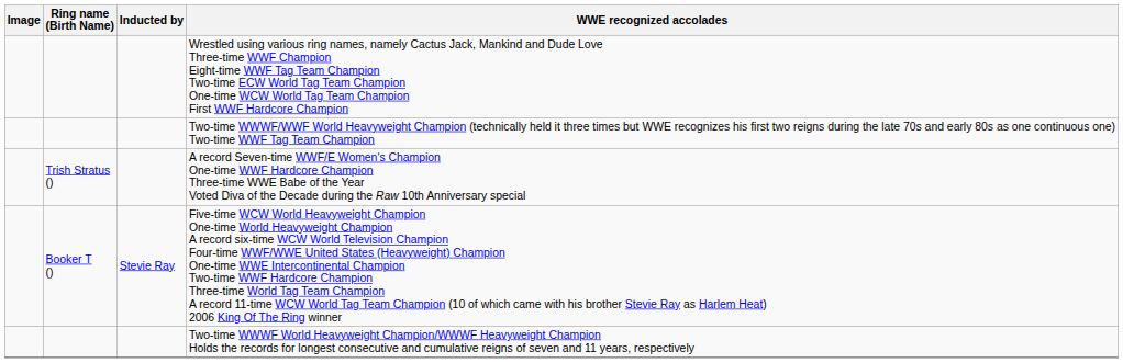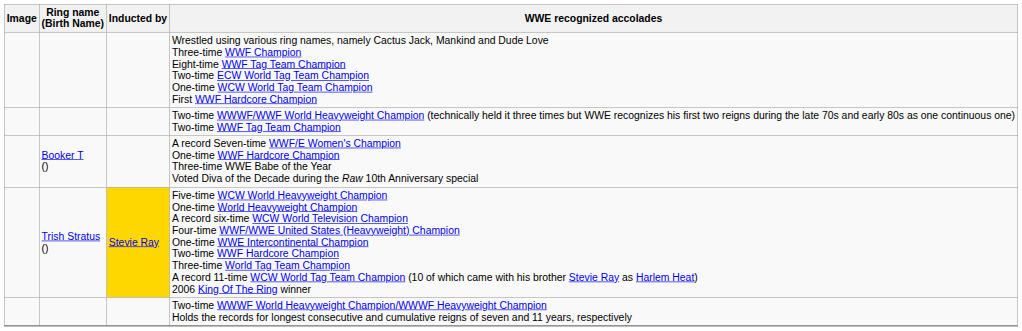 <table class="wikitable">
 <tr>
 <th class="unsortable">Image</th>
 <th>Ring name<br>(Birth Name)</th>
 <th>Inducted by</th>
 <th class="unsortable">WWE recognized accolades</th>
 </tr>
 <tr>
 <td></td>
 <td></td>
 <td></td>
 <td>Wrestled using various ring names, namely Cactus Jack, Mankind and Dude Love<br>Three-time <a href='#'>WWF Champion</a><br>Eight-time <a href='#'>WWF Tag Team Champion</a><br>Two-time <a href='#'>ECW World Tag Team Champion</a><br>One-time <a href='#'>WCW World Tag Team Champion</a><br>First <a href='#'>WWF Hardcore Champion</a></td>
 </tr>
 <tr>
 <td></td>
 <td></td>
 <td></td>
 <td>Two-time <a href='#'>WWWF/WWF World Heavyweight Champion</a> (technically held it three times but WWE recognizes his first two reigns during the late 70s and early 80s as one continuous one)<br>Two-time <a href='#'>WWF Tag Team Champion</a></td>
 </tr>
 <tr>
 <td></td>
-<td><a href='#'>Trish Stratus</a><br>()</td>
+<td><a href='#'>Booker T</a><br>()</td>
 <td></td>
 <td>A record Seven-time <a href='#'>WWF/E Women's Champion</a><br>One-time <a href='#'>WWF Hardcore Champion</a><br>Three-time WWE Babe of the Year<br>Voted Diva of the Decade during the <em>Raw</em> 10th Anniversary special</td>
 </tr>
 <tr>
 <td></td>
-<td><a href='#'>Booker T</a><br>()</td>
-<td><a href='#'>Stevie Ray</a></td>
+<td><a href='#'>Trish Stratus</a><br>()</td>
+<td style="background: gold;"><a href='#'>Stevie Ray</a></td>
 <td>Five-time <a href='#'>WCW World Heavyweight Champion</a><br>One-time <a href='#'>World Heavyweight Champion</a><br>A record six-time <a href='#'>WCW World Television Champion</a><br>Four-time <a href='#'>WWF/WWE United States (Heavyweight) Champion</a><br>One-time <a href='#'>WWE Intercontinental Champion</a><br>Two-time <a href='#'>WWF Hardcore Champion</a><br>Three-time <a href='#'>World Tag Team Champion</a><br>A record 11-time <a href='#'>WCW World Tag Team Champion</a> (10 of which came with his brother <a href='#'>Stevie Ray</a> as <a href='#'>Harlem Heat</a>)<br>2006 <a href='#'>King Of The Ring</a> winner</td>
 </tr>
 <tr>
 <td></td>
 <td><strong></strong></td>
 <td></td>
 <td>Two-time <a href='#'>WWWF World Heavyweight Champion/WWWF Heavyweight Champion</a><br>Holds the records for longest consecutive and cumulative reigns of seven and 11 years, respectively</td>
 </tr>
 <tr style="border-top:2px solid gray;">
 </tr>
 </table>
